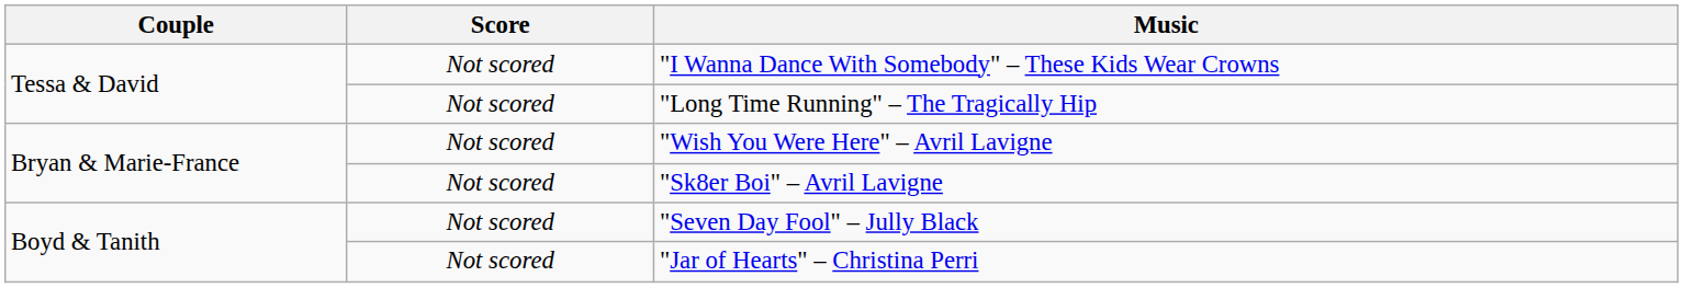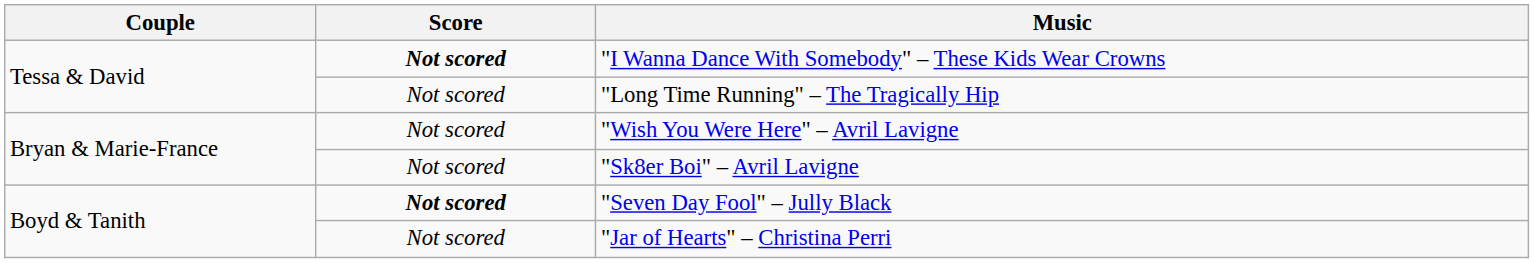 <table class="wikitable" style="width:85%;">
 <tr>
 <th style="width:20%;">Couple</th>
 <th style="width:18%;">Score</th>
 <th style="width:60%;">Music</th>
 </tr>
 <tr>
 <td rowspan=2>Tessa & David</td>
-<td style="text-align:center;"><em>Not scored</em></td>
+<td style="text-align:center;"><strong><em>Not scored</em></strong></td>
 <td>"<a href='#'>I Wanna Dance With Somebody</a>" – <a href='#'>These Kids Wear Crowns</a></td>
 </tr>
 <tr>
 <td style="text-align:center;"><em>Not scored</em></td>
 <td>"Long Time Running" – <a href='#'>The Tragically Hip</a></td>
 </tr>
 <tr>
 <td rowspan=2>Bryan & Marie-France</td>
 <td style="text-align:center;"><em>Not scored</em></td>
 <td>"<a href='#'>Wish You Were Here</a>" – <a href='#'>Avril Lavigne</a></td>
 </tr>
 <tr>
 <td style="text-align:center;"><em>Not scored</em></td>
 <td>"<a href='#'>Sk8er Boi</a>" – <a href='#'>Avril Lavigne</a></td>
 </tr>
 <tr>
 <td rowspan=2>Boyd & Tanith</td>
-<td style="text-align:center;"><em>Not scored</em></td>
+<td style="text-align:center;"><strong><em>Not scored</em></strong></td>
 <td>"<a href='#'>Seven Day Fool</a>" – <a href='#'>Jully Black</a></td>
 </tr>
 <tr>
 <td style="text-align:center;"><em>Not scored</em></td>
 <td>"<a href='#'>Jar of Hearts</a>" – <a href='#'>Christina Perri</a></td>
 </tr>
 </table>
